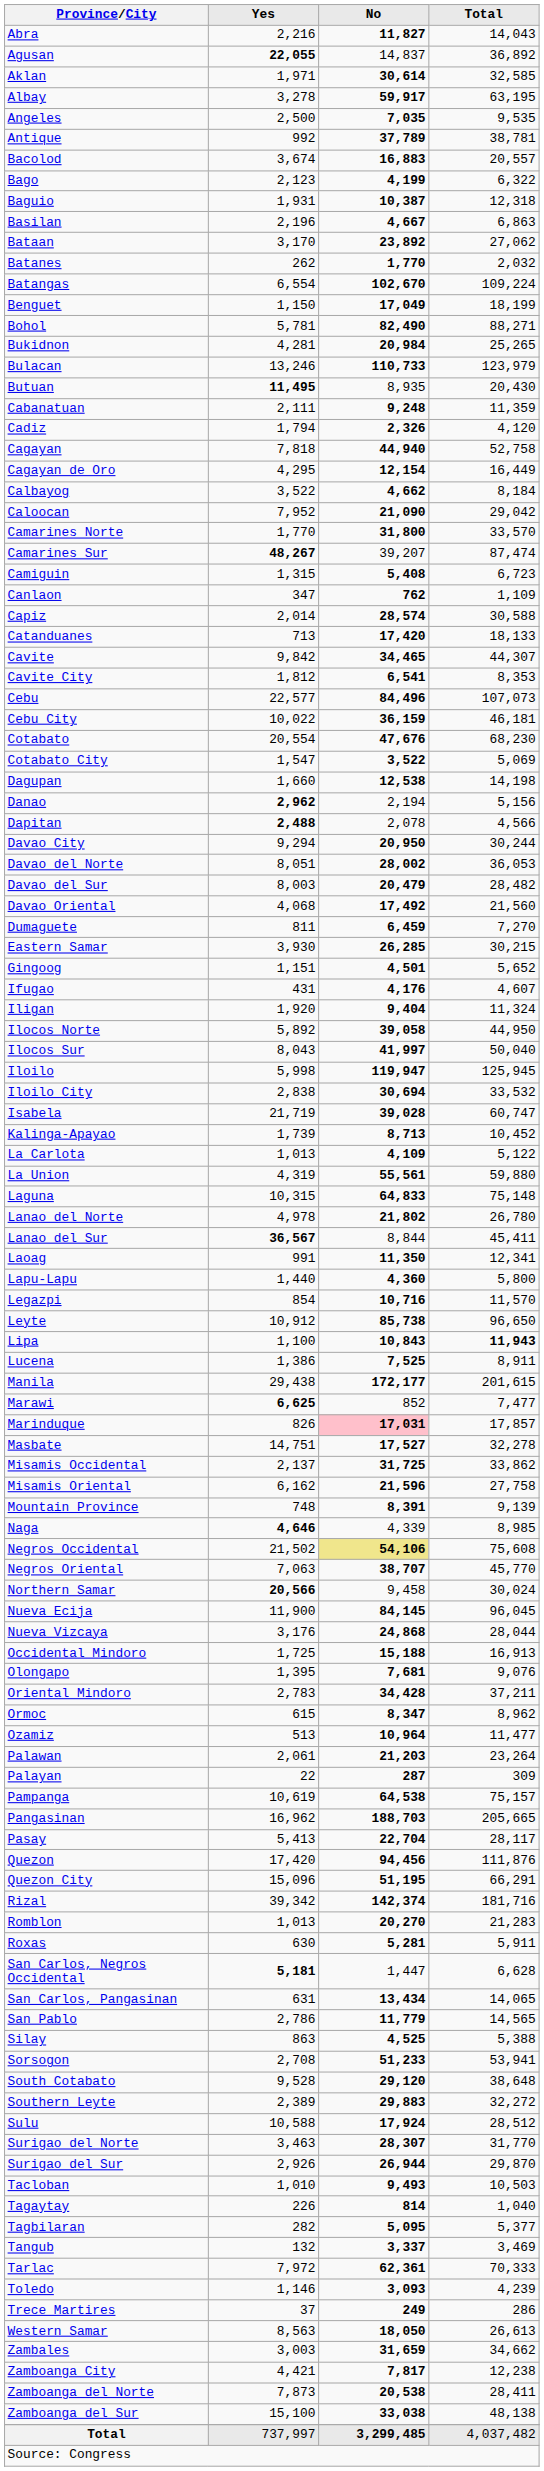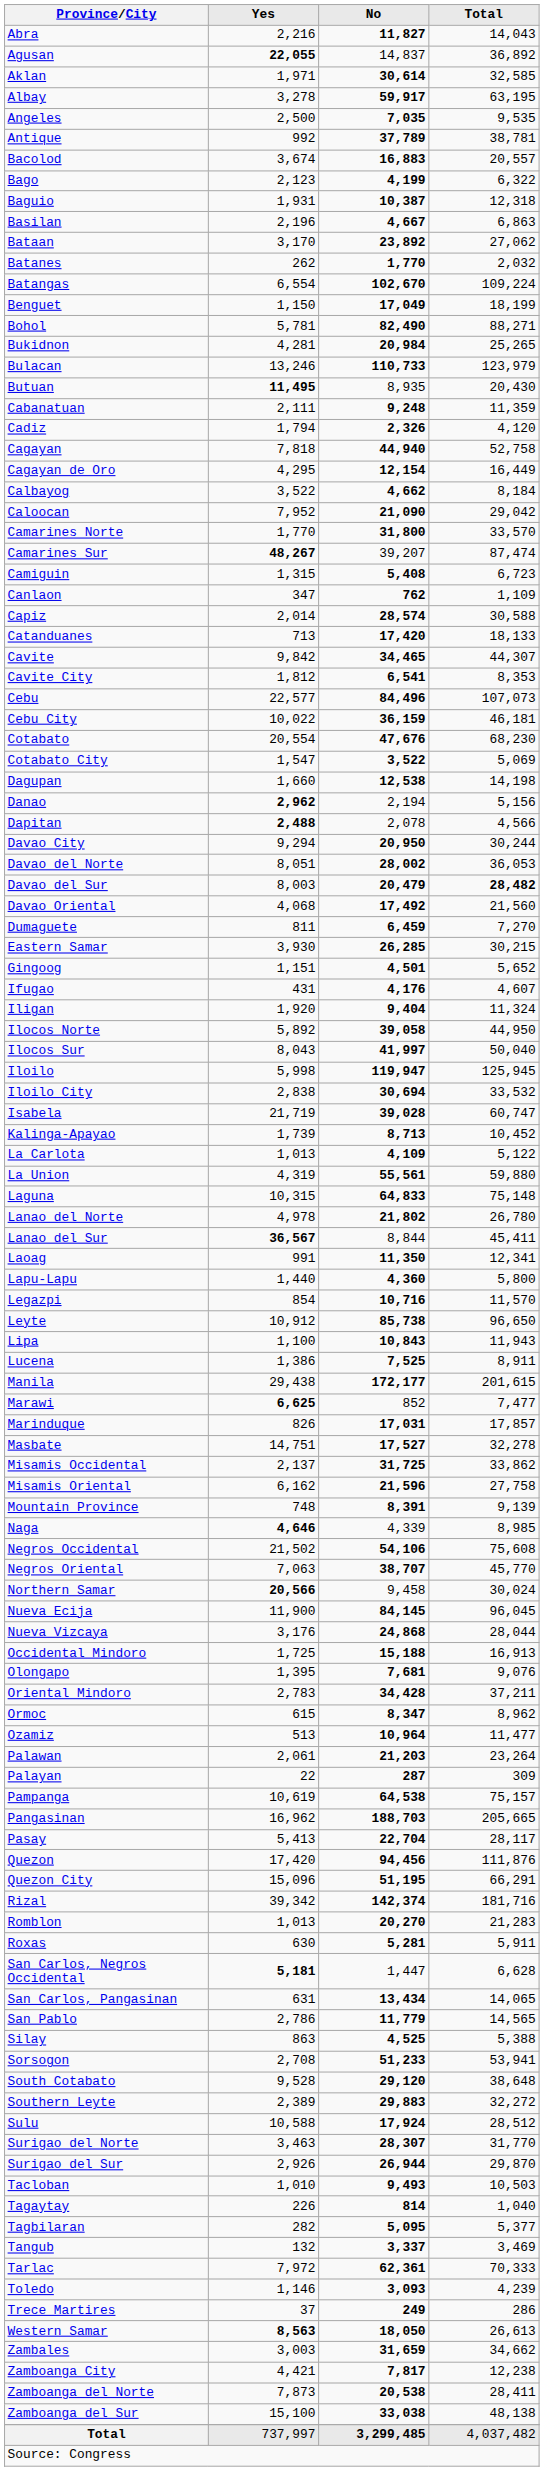 <table class="wikitable" style="text-align:right; font-size:95%">
 <tr>
 <th width="190px" align="left"><a href='#'>Province</a>/<a href='#'>City</a></th>
 <th width="100px" align="center" style="background: #E9E9E9">Yes</th>
 <th width="100px" align="center" style="background: #E9E9E9">No</th>
 <th width="100px" align="center" style="background: #E9E9E9">Total</th>
 </tr>
 <tr>
 <td align="left"><a href='#'>Abra</a></td>
 <td>2,216</td>
 <td><strong>11,827</strong></td>
 <td>14,043</td>
 </tr>
 <tr>
 <td align="left"><a href='#'>Agusan</a></td>
 <td><strong>22,055</strong></td>
 <td>14,837</td>
 <td>36,892</td>
 </tr>
 <tr>
 <td align="left"><a href='#'>Aklan</a></td>
 <td>1,971</td>
 <td><strong>30,614</strong></td>
 <td>32,585</td>
 </tr>
 <tr>
 <td align="left"><a href='#'>Albay</a></td>
 <td>3,278</td>
 <td><strong>59,917</strong></td>
 <td>63,195</td>
 </tr>
 <tr>
 <td align="left"><a href='#'>Angeles</a></td>
 <td>2,500</td>
 <td><strong>7,035</strong></td>
 <td>9,535</td>
 </tr>
 <tr>
 <td align="left"><a href='#'>Antique</a></td>
 <td>992</td>
 <td><strong>37,789</strong></td>
 <td>38,781</td>
 </tr>
 <tr>
 <td align="left"><a href='#'>Bacolod</a></td>
 <td>3,674</td>
 <td><strong>16,883</strong></td>
 <td>20,557</td>
 </tr>
 <tr>
 <td align="left"><a href='#'>Bago</a></td>
 <td>2,123</td>
 <td><strong>4,199</strong></td>
 <td>6,322</td>
 </tr>
 <tr>
 <td align="left"><a href='#'>Baguio</a></td>
 <td>1,931</td>
 <td><strong>10,387</strong></td>
 <td>12,318</td>
 </tr>
 <tr>
 <td align="left"><a href='#'>Basilan</a></td>
 <td>2,196</td>
 <td><strong>4,667</strong></td>
 <td>6,863</td>
 </tr>
 <tr>
 <td align="left"><a href='#'>Bataan</a></td>
 <td>3,170</td>
 <td><strong>23,892</strong></td>
 <td>27,062</td>
 </tr>
 <tr>
 <td align="left"><a href='#'>Batanes</a></td>
 <td>262</td>
 <td><strong>1,770</strong></td>
 <td>2,032</td>
 </tr>
 <tr>
 <td align="left"><a href='#'>Batangas</a></td>
 <td>6,554</td>
 <td><strong>102,670</strong></td>
 <td>109,224</td>
 </tr>
 <tr>
 <td align="left"><a href='#'>Benguet</a></td>
 <td>1,150</td>
 <td><strong>17,049</strong></td>
 <td>18,199</td>
 </tr>
 <tr>
 <td align="left"><a href='#'>Bohol</a></td>
 <td>5,781</td>
 <td><strong>82,490</strong></td>
 <td>88,271</td>
 </tr>
 <tr>
 <td align="left"><a href='#'>Bukidnon</a></td>
 <td>4,281</td>
 <td><strong>20,984</strong></td>
 <td>25,265</td>
 </tr>
 <tr>
 <td align="left"><a href='#'>Bulacan</a></td>
 <td>13,246</td>
 <td><strong>110,733</strong></td>
 <td>123,979</td>
 </tr>
 <tr>
 <td align="left"><a href='#'>Butuan</a></td>
 <td><strong>11,495</strong></td>
 <td>8,935</td>
 <td>20,430</td>
 </tr>
 <tr>
 <td align="left"><a href='#'>Cabanatuan</a></td>
 <td>2,111</td>
 <td><strong>9,248</strong></td>
 <td>11,359</td>
 </tr>
 <tr>
 <td align="left"><a href='#'>Cadiz</a></td>
 <td>1,794</td>
 <td><strong>2,326</strong></td>
 <td>4,120</td>
 </tr>
 <tr>
 <td align="left"><a href='#'>Cagayan</a></td>
 <td>7,818</td>
 <td><strong>44,940</strong></td>
 <td>52,758</td>
 </tr>
 <tr>
 <td align="left"><a href='#'>Cagayan de Oro</a></td>
 <td>4,295</td>
 <td><strong>12,154</strong></td>
 <td>16,449</td>
 </tr>
 <tr>
 <td align="left"><a href='#'>Calbayog</a></td>
 <td>3,522</td>
 <td><strong>4,662</strong></td>
 <td>8,184</td>
 </tr>
 <tr>
 <td align="left"><a href='#'>Caloocan</a></td>
 <td>7,952</td>
 <td><strong>21,090</strong></td>
 <td>29,042</td>
 </tr>
 <tr>
 <td align="left"><a href='#'>Camarines Norte</a></td>
 <td>1,770</td>
 <td><strong>31,800</strong></td>
 <td>33,570</td>
 </tr>
 <tr>
 <td align="left"><a href='#'>Camarines Sur</a></td>
 <td><strong>48,267</strong></td>
 <td>39,207</td>
 <td>87,474</td>
 </tr>
 <tr>
 <td align="left"><a href='#'>Camiguin</a></td>
 <td>1,315</td>
 <td><strong>5,408</strong></td>
 <td>6,723</td>
 </tr>
 <tr>
 <td align="left"><a href='#'>Canlaon</a></td>
 <td>347</td>
 <td><strong>762</strong></td>
 <td>1,109</td>
 </tr>
 <tr>
 <td align="left"><a href='#'>Capiz</a></td>
 <td>2,014</td>
 <td><strong>28,574</strong></td>
 <td>30,588</td>
 </tr>
 <tr>
 <td align="left"><a href='#'>Catanduanes</a></td>
 <td>713</td>
 <td><strong>17,420</strong></td>
 <td>18,133</td>
 </tr>
 <tr>
 <td align="left"><a href='#'>Cavite</a></td>
 <td>9,842</td>
 <td><strong>34,465</strong></td>
 <td>44,307</td>
 </tr>
 <tr>
 <td align="left"><a href='#'>Cavite City</a></td>
 <td>1,812</td>
 <td><strong>6,541</strong></td>
 <td>8,353</td>
 </tr>
 <tr>
 <td align="left"><a href='#'>Cebu</a></td>
 <td>22,577</td>
 <td><strong>84,496</strong></td>
 <td>107,073</td>
 </tr>
 <tr>
 <td align="left"><a href='#'>Cebu City</a></td>
 <td>10,022</td>
 <td><strong>36,159</strong></td>
 <td>46,181</td>
 </tr>
 <tr>
 <td align="left"><a href='#'>Cotabato</a></td>
 <td>20,554</td>
 <td><strong>47,676</strong></td>
 <td>68,230</td>
 </tr>
 <tr>
 <td align="left"><a href='#'>Cotabato City</a></td>
 <td>1,547</td>
 <td><strong>3,522</strong></td>
 <td>5,069</td>
 </tr>
 <tr>
 <td align="left"><a href='#'>Dagupan</a></td>
 <td>1,660</td>
 <td><strong>12,538</strong></td>
 <td>14,198</td>
 </tr>
 <tr>
 <td align="left"><a href='#'>Danao</a></td>
 <td><strong>2,962</strong></td>
 <td>2,194</td>
 <td>5,156</td>
 </tr>
 <tr>
 <td align="left"><a href='#'>Dapitan</a></td>
 <td><strong>2,488</strong></td>
 <td>2,078</td>
 <td>4,566</td>
 </tr>
 <tr>
 <td align="left"><a href='#'>Davao City</a></td>
 <td>9,294</td>
 <td><strong>20,950</strong></td>
 <td>30,244</td>
 </tr>
 <tr>
 <td align="left"><a href='#'>Davao del Norte</a></td>
 <td>8,051</td>
 <td><strong>28,002</strong></td>
 <td>36,053</td>
 </tr>
 <tr>
 <td align="left"><a href='#'>Davao del Sur</a></td>
 <td>8,003</td>
 <td><strong>20,479</strong></td>
-<td>28,482</td>
+<td><strong>28,482</strong></td>
 </tr>
 <tr>
 <td align="left"><a href='#'>Davao Oriental</a></td>
 <td>4,068</td>
 <td><strong>17,492</strong></td>
 <td>21,560</td>
 </tr>
 <tr>
 <td align="left"><a href='#'>Dumaguete</a></td>
 <td>811</td>
 <td><strong>6,459</strong></td>
 <td>7,270</td>
 </tr>
 <tr>
 <td align="left"><a href='#'>Eastern Samar</a></td>
 <td>3,930</td>
 <td><strong>26,285</strong></td>
 <td>30,215</td>
 </tr>
 <tr>
 <td align="left"><a href='#'>Gingoog</a></td>
 <td>1,151</td>
 <td><strong>4,501</strong></td>
 <td>5,652</td>
 </tr>
 <tr>
 <td align="left"><a href='#'>Ifugao</a></td>
 <td>431</td>
 <td><strong>4,176</strong></td>
 <td>4,607</td>
 </tr>
 <tr>
 <td align="left"><a href='#'>Iligan</a></td>
 <td>1,920</td>
 <td><strong>9,404</strong></td>
 <td>11,324</td>
 </tr>
 <tr>
 <td align="left"><a href='#'>Ilocos Norte</a></td>
 <td>5,892</td>
 <td><strong>39,058</strong></td>
 <td>44,950</td>
 </tr>
 <tr>
 <td align="left"><a href='#'>Ilocos Sur</a></td>
 <td>8,043</td>
 <td><strong>41,997</strong></td>
 <td>50,040</td>
 </tr>
 <tr>
 <td align="left"><a href='#'>Iloilo</a></td>
 <td>5,998</td>
 <td><strong>119,947</strong></td>
 <td>125,945</td>
 </tr>
 <tr>
 <td align="left"><a href='#'>Iloilo City</a></td>
 <td>2,838</td>
 <td><strong>30,694</strong></td>
 <td>33,532</td>
 </tr>
 <tr>
 <td align="left"><a href='#'>Isabela</a></td>
 <td>21,719</td>
 <td><strong>39,028</strong></td>
 <td>60,747</td>
 </tr>
 <tr>
 <td align="left"><a href='#'>Kalinga-Apayao</a></td>
 <td>1,739</td>
 <td><strong>8,713</strong></td>
 <td>10,452</td>
 </tr>
 <tr>
 <td align="left"><a href='#'>La Carlota</a></td>
 <td>1,013</td>
 <td><strong>4,109</strong></td>
 <td>5,122</td>
 </tr>
 <tr>
 <td align="left"><a href='#'>La Union</a></td>
 <td>4,319</td>
 <td><strong>55,561</strong></td>
 <td>59,880</td>
 </tr>
 <tr>
 <td align="left"><a href='#'>Laguna</a></td>
 <td>10,315</td>
 <td><strong>64,833</strong></td>
 <td>75,148</td>
 </tr>
 <tr>
 <td align="left"><a href='#'>Lanao del Norte</a></td>
 <td>4,978</td>
 <td><strong>21,802</strong></td>
 <td>26,780</td>
 </tr>
 <tr>
 <td align="left"><a href='#'>Lanao del Sur</a></td>
 <td><strong>36,567</strong></td>
 <td>8,844</td>
 <td>45,411</td>
 </tr>
 <tr>
 <td align="left"><a href='#'>Laoag</a></td>
 <td>991</td>
 <td><strong>11,350</strong></td>
 <td>12,341</td>
 </tr>
 <tr>
 <td align="left"><a href='#'>Lapu-Lapu</a></td>
 <td>1,440</td>
 <td><strong>4,360</strong></td>
 <td>5,800</td>
 </tr>
 <tr>
 <td align="left"><a href='#'>Legazpi</a></td>
 <td>854</td>
 <td><strong>10,716</strong></td>
 <td>11,570</td>
 </tr>
 <tr>
 <td align="left"><a href='#'>Leyte</a></td>
 <td>10,912</td>
 <td><strong>85,738</strong></td>
 <td>96,650</td>
 </tr>
 <tr>
 <td align="left"><a href='#'>Lipa</a></td>
 <td>1,100</td>
 <td><strong>10,843</strong></td>
-<td><strong>11,943</strong></td>
+<td>11,943</td>
 </tr>
 <tr>
 <td align="left"><a href='#'>Lucena</a></td>
 <td>1,386</td>
 <td><strong>7,525</strong></td>
 <td>8,911</td>
 </tr>
 <tr>
 <td align="left"><a href='#'>Manila</a></td>
 <td>29,438</td>
 <td><strong>172,177</strong></td>
 <td>201,615</td>
 </tr>
 <tr>
 <td align="left"><a href='#'>Marawi</a></td>
 <td><strong>6,625</strong></td>
 <td>852</td>
 <td>7,477</td>
 </tr>
 <tr>
 <td align="left"><a href='#'>Marinduque</a></td>
 <td>826</td>
-<td style="background: pink;"><strong>17,031</strong></td>
+<td><strong>17,031</strong></td>
 <td>17,857</td>
 </tr>
 <tr>
 <td align="left"><a href='#'>Masbate</a></td>
 <td>14,751</td>
 <td><strong>17,527</strong></td>
 <td>32,278</td>
 </tr>
 <tr>
 <td align="left"><a href='#'>Misamis Occidental</a></td>
 <td>2,137</td>
 <td><strong>31,725</strong></td>
 <td>33,862</td>
 </tr>
 <tr>
 <td align="left"><a href='#'>Misamis Oriental</a></td>
 <td>6,162</td>
 <td><strong>21,596</strong></td>
 <td>27,758</td>
 </tr>
 <tr>
 <td align="left"><a href='#'>Mountain Province</a></td>
 <td>748</td>
 <td><strong>8,391</strong></td>
 <td>9,139</td>
 </tr>
 <tr>
 <td align="left"><a href='#'>Naga</a></td>
 <td><strong>4,646</strong></td>
 <td>4,339</td>
 <td>8,985</td>
 </tr>
 <tr>
 <td align="left"><a href='#'>Negros Occidental</a></td>
 <td>21,502</td>
-<td style="background: khaki;"><strong>54,106</strong></td>
+<td><strong>54,106</strong></td>
 <td>75,608</td>
 </tr>
 <tr>
 <td align="left"><a href='#'>Negros Oriental</a></td>
 <td>7,063</td>
 <td><strong>38,707</strong></td>
 <td>45,770</td>
 </tr>
 <tr>
 <td align="left"><a href='#'>Northern Samar</a></td>
 <td><strong>20,566</strong></td>
 <td>9,458</td>
 <td>30,024</td>
 </tr>
 <tr>
 <td align="left"><a href='#'>Nueva Ecija</a></td>
 <td>11,900</td>
 <td><strong>84,145</strong></td>
 <td>96,045</td>
 </tr>
 <tr>
 <td align="left"><a href='#'>Nueva Vizcaya</a></td>
 <td>3,176</td>
 <td><strong>24,868</strong></td>
 <td>28,044</td>
 </tr>
 <tr>
 <td align="left"><a href='#'>Occidental Mindoro</a></td>
 <td>1,725</td>
 <td><strong>15,188</strong></td>
 <td>16,913</td>
 </tr>
 <tr>
 <td align="left"><a href='#'>Olongapo</a></td>
 <td>1,395</td>
 <td><strong>7,681</strong></td>
 <td>9,076</td>
 </tr>
 <tr>
 <td align="left"><a href='#'>Oriental Mindoro</a></td>
 <td>2,783</td>
 <td><strong>34,428</strong></td>
 <td>37,211</td>
 </tr>
 <tr>
 <td align="left"><a href='#'>Ormoc</a></td>
 <td>615</td>
 <td><strong>8,347</strong></td>
 <td>8,962</td>
 </tr>
 <tr>
 <td align="left"><a href='#'>Ozamiz</a></td>
 <td>513</td>
 <td><strong>10,964</strong></td>
 <td>11,477</td>
 </tr>
 <tr>
 <td align="left"><a href='#'>Palawan</a></td>
 <td>2,061</td>
 <td><strong>21,203</strong></td>
 <td>23,264</td>
 </tr>
 <tr>
 <td align="left"><a href='#'>Palayan</a></td>
 <td>22</td>
 <td><strong>287</strong></td>
 <td>309</td>
 </tr>
 <tr>
 <td align="left"><a href='#'>Pampanga</a></td>
 <td>10,619</td>
 <td><strong>64,538</strong></td>
 <td>75,157</td>
 </tr>
 <tr>
 <td align="left"><a href='#'>Pangasinan</a></td>
 <td>16,962</td>
 <td><strong>188,703</strong></td>
 <td>205,665</td>
 </tr>
 <tr>
 <td align="left"><a href='#'>Pasay</a></td>
 <td>5,413</td>
 <td><strong>22,704</strong></td>
 <td>28,117</td>
 </tr>
 <tr>
 <td align="left"><a href='#'>Quezon</a></td>
 <td>17,420</td>
 <td><strong>94,456</strong></td>
 <td>111,876</td>
 </tr>
 <tr>
 <td align="left"><a href='#'>Quezon City</a></td>
 <td>15,096</td>
 <td><strong>51,195</strong></td>
 <td>66,291</td>
 </tr>
 <tr>
 <td align="left"><a href='#'>Rizal</a></td>
 <td>39,342</td>
 <td><strong>142,374</strong></td>
 <td>181,716</td>
 </tr>
 <tr>
 <td align="left"><a href='#'>Romblon</a></td>
 <td>1,013</td>
 <td><strong>20,270</strong></td>
 <td>21,283</td>
 </tr>
 <tr>
 <td align="left"><a href='#'>Roxas</a></td>
 <td>630</td>
 <td><strong>5,281</strong></td>
 <td>5,911</td>
 </tr>
 <tr>
 <td align="left"><a href='#'>San Carlos, Negros Occidental</a></td>
 <td><strong>5,181</strong></td>
 <td>1,447</td>
 <td>6,628</td>
 </tr>
 <tr>
 <td align="left"><a href='#'>San Carlos, Pangasinan</a></td>
 <td>631</td>
 <td><strong>13,434</strong></td>
 <td>14,065</td>
 </tr>
 <tr>
 <td align="left"><a href='#'>San Pablo</a></td>
 <td>2,786</td>
 <td><strong>11,779</strong></td>
 <td>14,565</td>
 </tr>
 <tr>
 <td align="left"><a href='#'>Silay</a></td>
 <td>863</td>
 <td><strong>4,525</strong></td>
 <td>5,388</td>
 </tr>
 <tr>
 <td align="left"><a href='#'>Sorsogon</a></td>
 <td>2,708</td>
 <td><strong>51,233</strong></td>
 <td>53,941</td>
 </tr>
 <tr>
 <td align="left"><a href='#'>South Cotabato</a></td>
 <td>9,528</td>
 <td><strong>29,120</strong></td>
 <td>38,648</td>
 </tr>
 <tr>
 <td align="left"><a href='#'>Southern Leyte</a></td>
 <td>2,389</td>
 <td><strong>29,883</strong></td>
 <td>32,272</td>
 </tr>
 <tr>
 <td align="left"><a href='#'>Sulu</a></td>
 <td>10,588</td>
 <td><strong>17,924</strong></td>
 <td>28,512</td>
 </tr>
 <tr>
 <td align="left"><a href='#'>Surigao del Norte</a></td>
 <td>3,463</td>
 <td><strong>28,307</strong></td>
 <td>31,770</td>
 </tr>
 <tr>
 <td align="left"><a href='#'>Surigao del Sur</a></td>
 <td>2,926</td>
 <td><strong>26,944</strong></td>
 <td>29,870</td>
 </tr>
 <tr>
 <td align="left"><a href='#'>Tacloban</a></td>
 <td>1,010</td>
 <td><strong>9,493</strong></td>
 <td>10,503</td>
 </tr>
 <tr>
 <td align="left"><a href='#'>Tagaytay</a></td>
 <td>226</td>
 <td><strong>814</strong></td>
 <td>1,040</td>
 </tr>
 <tr>
 <td align="left"><a href='#'>Tagbilaran</a></td>
 <td>282</td>
 <td><strong>5,095</strong></td>
 <td>5,377</td>
 </tr>
 <tr>
 <td align="left"><a href='#'>Tangub</a></td>
 <td>132</td>
 <td><strong>3,337</strong></td>
 <td>3,469</td>
 </tr>
 <tr>
 <td align="left"><a href='#'>Tarlac</a></td>
 <td>7,972</td>
 <td><strong>62,361</strong></td>
 <td>70,333</td>
 </tr>
 <tr>
 <td align="left"><a href='#'>Toledo</a></td>
 <td>1,146</td>
 <td><strong>3,093</strong></td>
 <td>4,239</td>
 </tr>
 <tr>
 <td align="left"><a href='#'>Trece Martires</a></td>
 <td>37</td>
 <td><strong>249</strong></td>
 <td>286</td>
 </tr>
 <tr>
 <td align="left"><a href='#'>Western Samar</a></td>
-<td>8,563</td>
+<td><strong>8,563</strong></td>
 <td><strong>18,050</strong></td>
 <td>26,613</td>
 </tr>
 <tr>
 <td align="left"><a href='#'>Zambales</a></td>
 <td>3,003</td>
 <td><strong>31,659</strong></td>
 <td>34,662</td>
 </tr>
 <tr>
 <td align="left"><a href='#'>Zamboanga City</a></td>
 <td>4,421</td>
 <td><strong>7,817</strong></td>
 <td>12,238</td>
 </tr>
 <tr>
 <td align="left"><a href='#'>Zamboanga del Norte</a></td>
 <td>7,873</td>
 <td><strong>20,538</strong></td>
 <td>28,411</td>
 </tr>
 <tr>
 <td align="left"><a href='#'>Zamboanga del Sur</a></td>
 <td>15,100</td>
 <td><strong>33,038</strong></td>
 <td>48,138</td>
 </tr>
 <tr>
 </tr>
 <tr style="background:#E9E9E9">
 <th align="center"><strong>Total</strong></th>
 <td>737,997</td>
 <td><strong>3,299,485</strong></td>
 <td>4,037,482</td>
 </tr>
 <tr>
 <td colspan="4" align="left">Source: Congress</td>
 </tr>
 </table>
